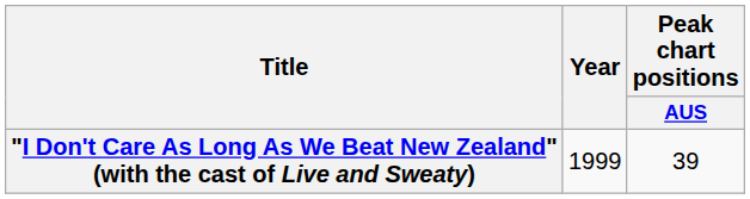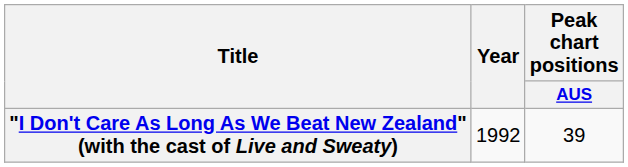 <table class="wikitable plainrowheaders" style="text-align:center;">
 <tr>
 <th scope="col" rowspan="2">Title</th>
 <th scope="col" rowspan="2">Year</th>
 <th scope="col" colspan="1">Peak chart positions</th>
 </tr>
 <tr>
 <th scope="col" style="width:3em;font-size:85%;"><a href='#'>AUS</a><br></th>
 </tr>
 <tr>
 <th scope="row">"<a href='#'>I Don't Care As Long As We Beat New Zealand</a>" <br> (with the cast of <em>Live and Sweaty</em>)</th>
-<td>1999</td>
+<td>1992</td>
 <td>39</td>
 </tr>
 </table>
